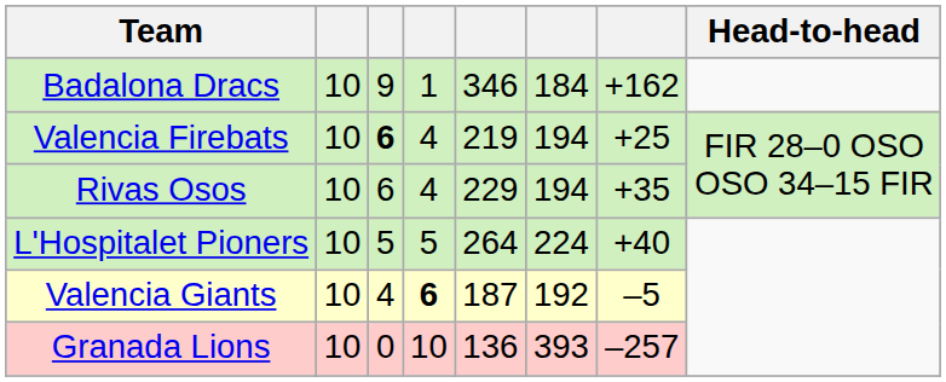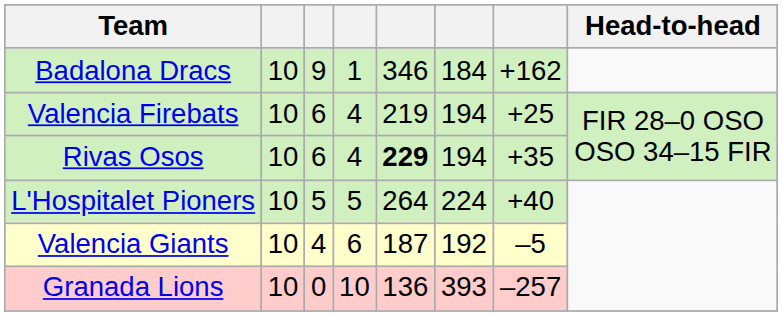 <table class="wikitable sortable" style="text-align: center;">
 <tr>
 <th>Team</th>
 <th></th>
 <th></th>
 <th></th>
 <th></th>
 <th></th>
 <th></th>
 <th>Head-to-head</th>
 </tr>
 <tr bgcolor=#D0F0C0>
 <td><a href='#'>Badalona Dracs</a></td>
 <td>10</td>
 <td>9</td>
 <td>1</td>
 <td>346</td>
 <td>184</td>
 <td>+162</td>
 </tr>
 <tr bgcolor=#D0F0C0>
 <td><a href='#'>Valencia Firebats</a></td>
 <td>10</td>
-<td><strong>6</strong></td>
+<td>6</td>
 <td>4</td>
 <td>219</td>
 <td>194</td>
 <td>+25</td>
 <td rowspan="2">FIR 28–0 OSO <br>OSO 34–15 FIR</td>
 </tr>
 <tr bgcolor=#D0F0C0>
 <td><a href='#'>Rivas Osos</a></td>
 <td>10</td>
 <td>6</td>
 <td>4</td>
-<td>229</td>
+<td><strong>229</strong></td>
 <td>194</td>
 <td>+35</td>
 </tr>
 <tr bgcolor=#D0F0C0>
 <td><a href='#'>L'Hospitalet Pioners</a></td>
 <td>10</td>
 <td>5</td>
 <td>5</td>
 <td>264</td>
 <td>224</td>
 <td>+40</td>
 </tr>
 <tr bgcolor=#ffffcc>
 <td><a href='#'>Valencia Giants</a></td>
 <td>10</td>
 <td>4</td>
-<td><strong>6</strong></td>
+<td>6</td>
 <td>187</td>
 <td>192</td>
 <td>–5</td>
 </tr>
 <tr bgcolor=#FFCCCC>
 <td><a href='#'>Granada Lions</a></td>
 <td>10</td>
 <td>0</td>
 <td>10</td>
 <td>136</td>
 <td>393</td>
 <td>–257</td>
 </tr>
 </table>
